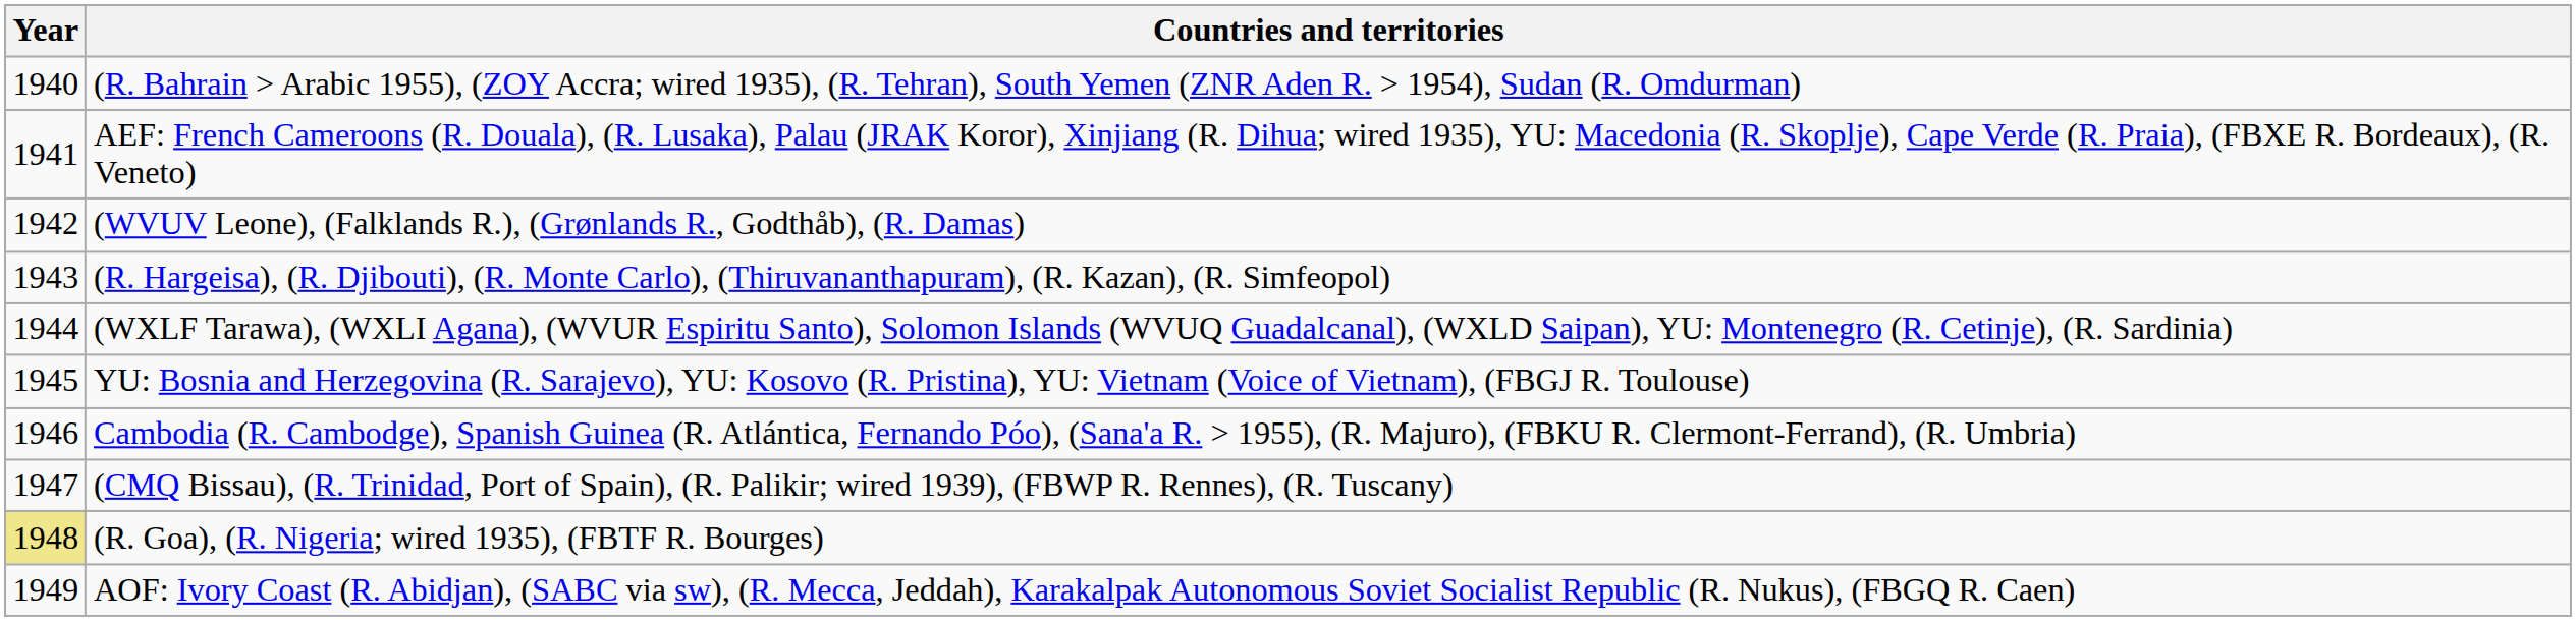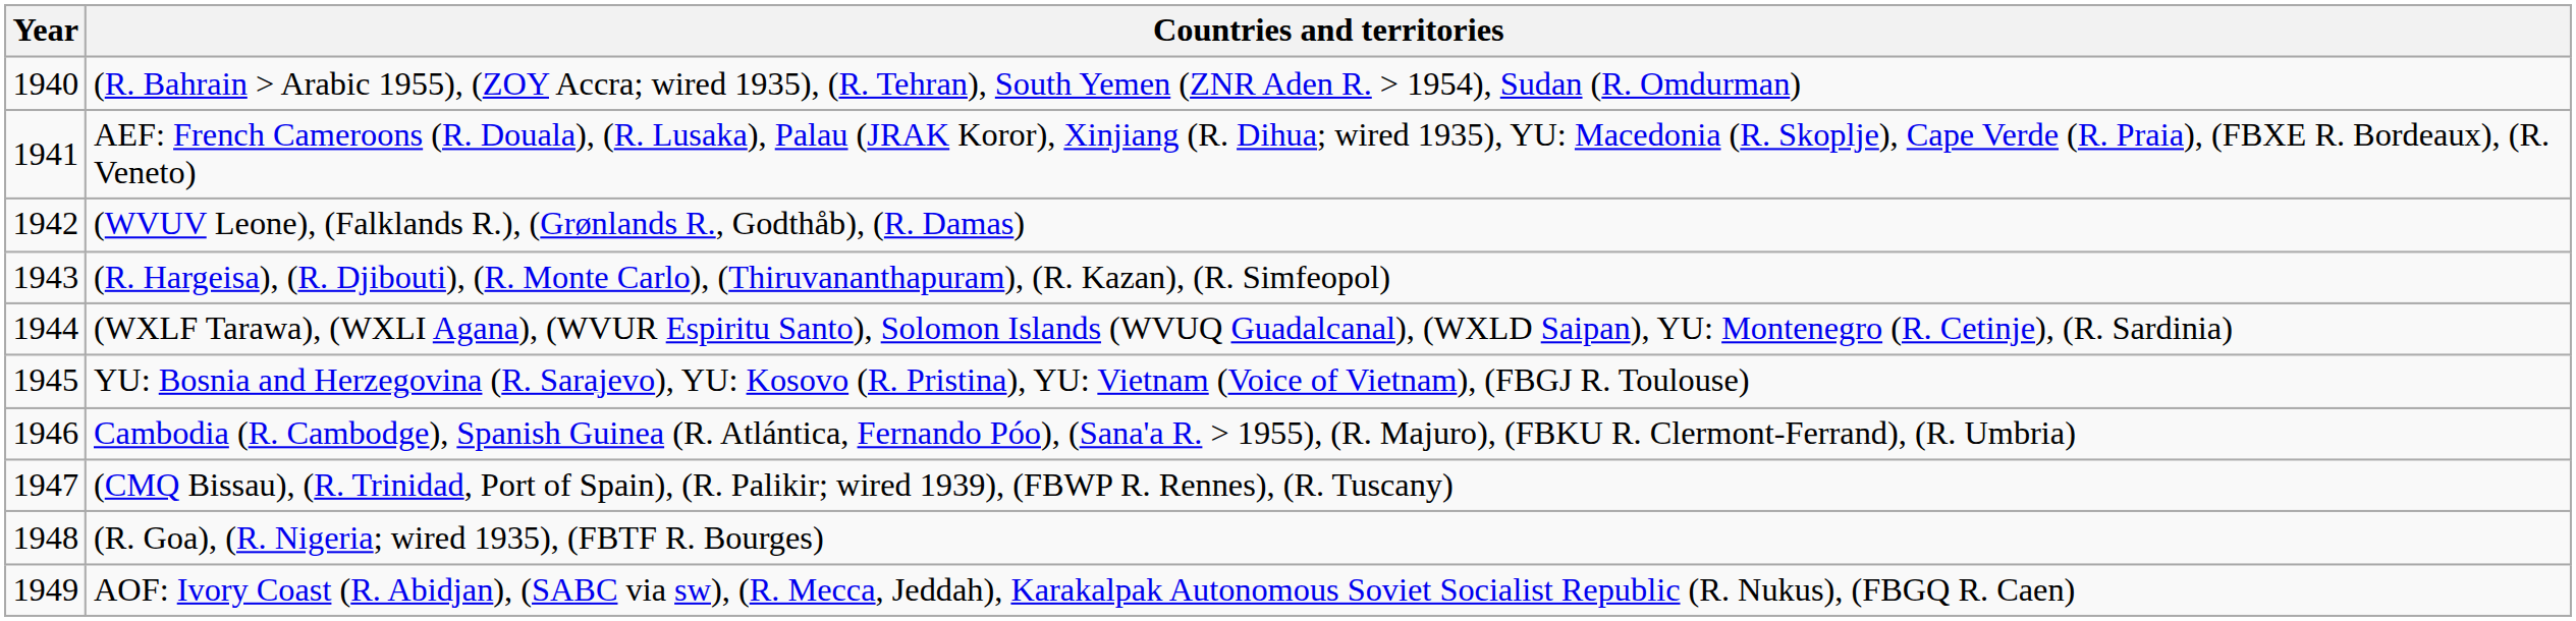 <table class="wikitable">
 <tr>
 <th>Year</th>
 <th>Countries and territories</th>
 </tr>
 <tr>
 <td>1940</td>
 <td> (<a href='#'>R. Bahrain</a> > Arabic 1955),  (<a href='#'>ZOY</a> Accra; wired 1935),  (<a href='#'>R. Tehran</a>),  <a href='#'>South Yemen</a> (<a href='#'>ZNR Aden R.</a> > 1954),  <a href='#'>Sudan</a> (<a href='#'>R. Omdurman</a>)</td>
 </tr>
 <tr>
 <td>1941</td>
 <td> AEF: <a href='#'>French Cameroons</a> (<a href='#'>R. Douala</a>),  (<a href='#'>R. Lusaka</a>),  <a href='#'>Palau</a> (<a href='#'>JRAK</a> Koror),  <a href='#'>Xinjiang</a> (R. <a href='#'>Dihua</a>; wired 1935),  YU: <a href='#'>Macedonia</a> (<a href='#'>R. Skoplje</a>),  <a href='#'>Cape Verde</a> (<a href='#'>R. Praia</a>),  (FBXE R. Bordeaux),  (R. Veneto)</td>
 </tr>
 <tr>
 <td>1942</td>
 <td> (<a href='#'>WVUV</a> Leone),  (Falklands R.),  (<a href='#'>Grønlands R.</a>, Godthåb),  (<a href='#'>R. Damas</a>)</td>
 </tr>
 <tr>
 <td>1943</td>
 <td> (<a href='#'>R. Hargeisa</a>),  (<a href='#'>R. Djibouti</a>),  (<a href='#'>R. Monte Carlo</a>),  (<a href='#'>Thiruvananthapuram</a>),  (R. Kazan),  (R. Simfeopol)</td>
 </tr>
 <tr>
 <td>1944</td>
 <td> (WXLF Tarawa),  (WXLI <a href='#'>Agana</a>),  (WVUR <a href='#'>Espiritu Santo</a>),  <a href='#'>Solomon Islands</a> (WVUQ <a href='#'>Guadalcanal</a>),  (WXLD <a href='#'>Saipan</a>),  YU: <a href='#'>Montenegro</a> (<a href='#'>R. Cetinje</a>),  (R. Sardinia)</td>
 </tr>
 <tr>
 <td>1945</td>
 <td> YU: <a href='#'>Bosnia and Herzegovina</a> (<a href='#'>R. Sarajevo</a>),  YU: <a href='#'>Kosovo</a> (<a href='#'>R. Pristina</a>),  YU: <a href='#'>Vietnam</a> (<a href='#'>Voice of Vietnam</a>),  (FBGJ R. Toulouse)</td>
 </tr>
 <tr>
 <td>1946</td>
 <td> <a href='#'>Cambodia</a> (<a href='#'>R. Cambodge</a>),  <a href='#'>Spanish Guinea</a> (R. Atlántica, <a href='#'>Fernando Póo</a>),  (<a href='#'>Sana'a R.</a> > 1955),  (R. Majuro),  (FBKU R. Clermont-Ferrand),  (R. Umbria)</td>
 </tr>
 <tr>
 <td>1947</td>
 <td> (<a href='#'>CMQ</a> Bissau),  (<a href='#'>R. Trinidad</a>, Port of Spain),  (R. Palikir; wired 1939),  (FBWP R. Rennes),  (R. Tuscany)</td>
 </tr>
 <tr>
-<td style="background: khaki;">1948</td>
+<td>1948</td>
 <td> (R. Goa),  (<a href='#'>R. Nigeria</a>; wired 1935),  (FBTF R. Bourges)</td>
 </tr>
 <tr>
 <td>1949</td>
 <td> AOF: <a href='#'>Ivory Coast</a> (<a href='#'>R. Abidjan</a>),  (<a href='#'>SABC</a> via <a href='#'>sw</a>),  (<a href='#'>R. Mecca</a>, Jeddah),  <a href='#'>Karakalpak Autonomous Soviet Socialist Republic</a> (R. Nukus),  (FBGQ R. Caen)</td>
 </tr>
 </table>
